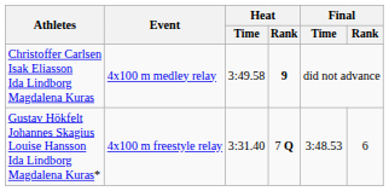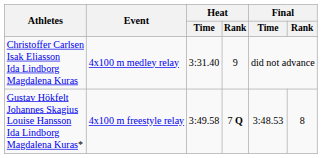 <table class=wikitable style="font-size:90%">
 <tr>
 <th rowspan="2">Athletes</th>
 <th rowspan="2">Event</th>
 <th colspan="2">Heat</th>
 <th colspan="2">Final</th>
 </tr>
 <tr style="font-size:95%">
 <th>Time</th>
 <th>Rank</th>
 <th>Time</th>
 <th>Rank</th>
 </tr>
 <tr align=center>
 <td align=left><a href='#'>Christoffer Carlsen</a><br><a href='#'>Isak Eliasson</a><br><a href='#'>Ida Lindborg</a><br><a href='#'>Magdalena Kuras</a></td>
 <td align=left><a href='#'>4x100 m medley relay</a></td>
-<td>3:49.58</td>
-<td><strong>9</strong></td>
+<td>3:31.40</td>
+<td>9</td>
 <td colspan=2>did not advance</td>
 </tr>
 <tr align=center>
 <td align=left><a href='#'>Gustav Hökfelt</a><br><a href='#'>Johannes Skagius</a><br><a href='#'>Louise Hansson</a><br><a href='#'>Ida Lindborg</a><br><a href='#'>Magdalena Kuras</a>*</td>
 <td align=left><a href='#'>4x100 m freestyle relay</a></td>
-<td>3:31.40</td>
+<td>3:49.58</td>
 <td>7 <strong>Q</strong></td>
 <td>3:48.53</td>
-<td>6</td>
+<td>8</td>
 </tr>
 </table>
